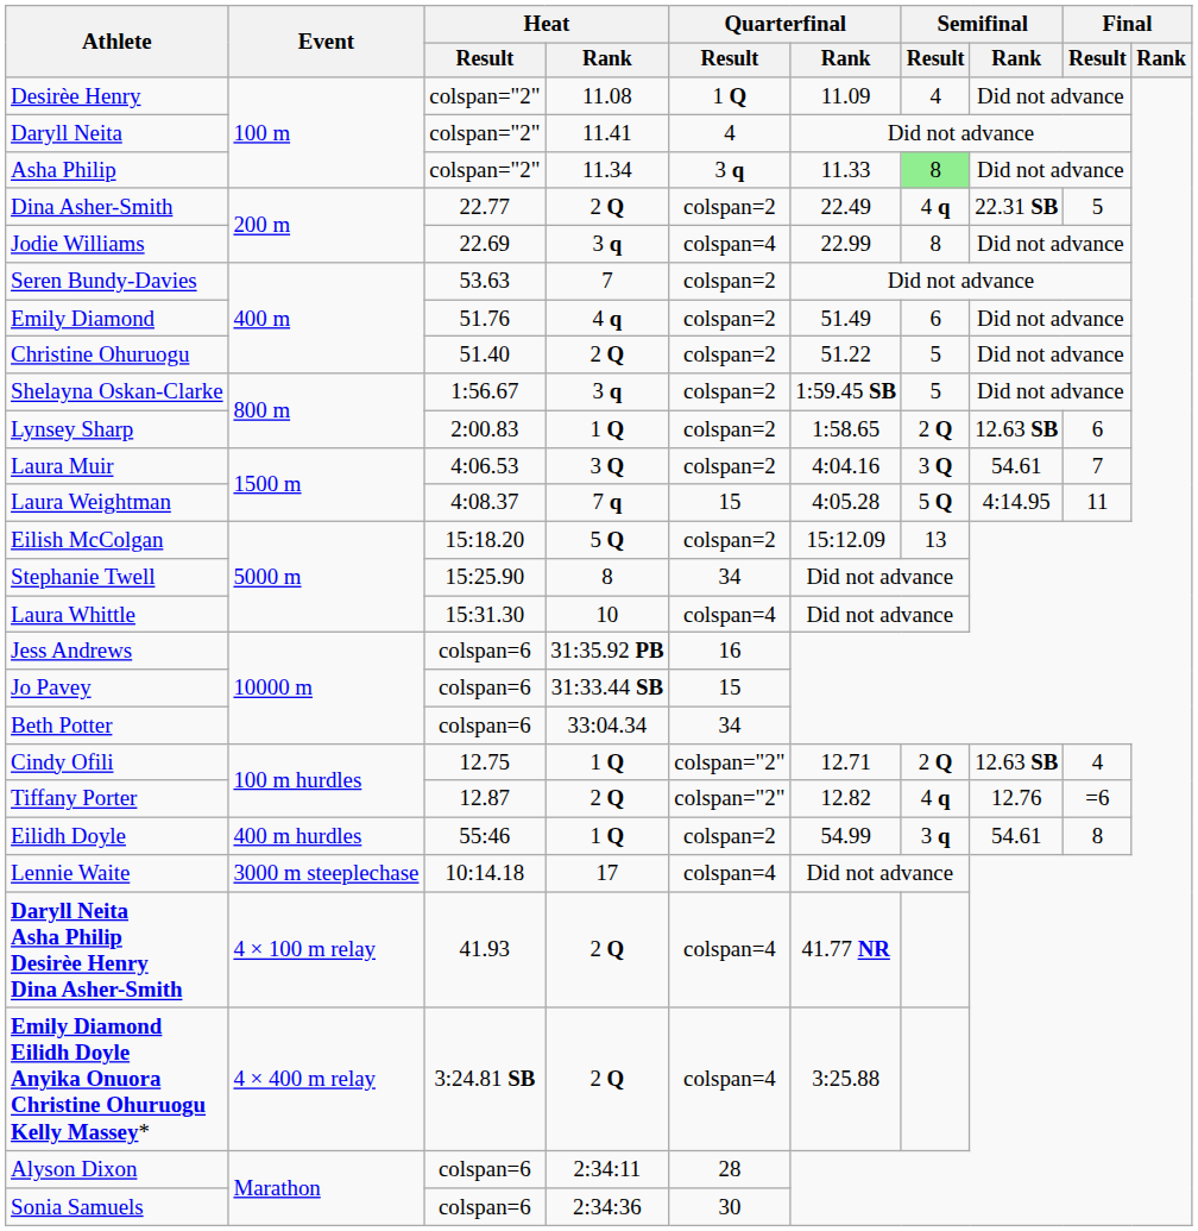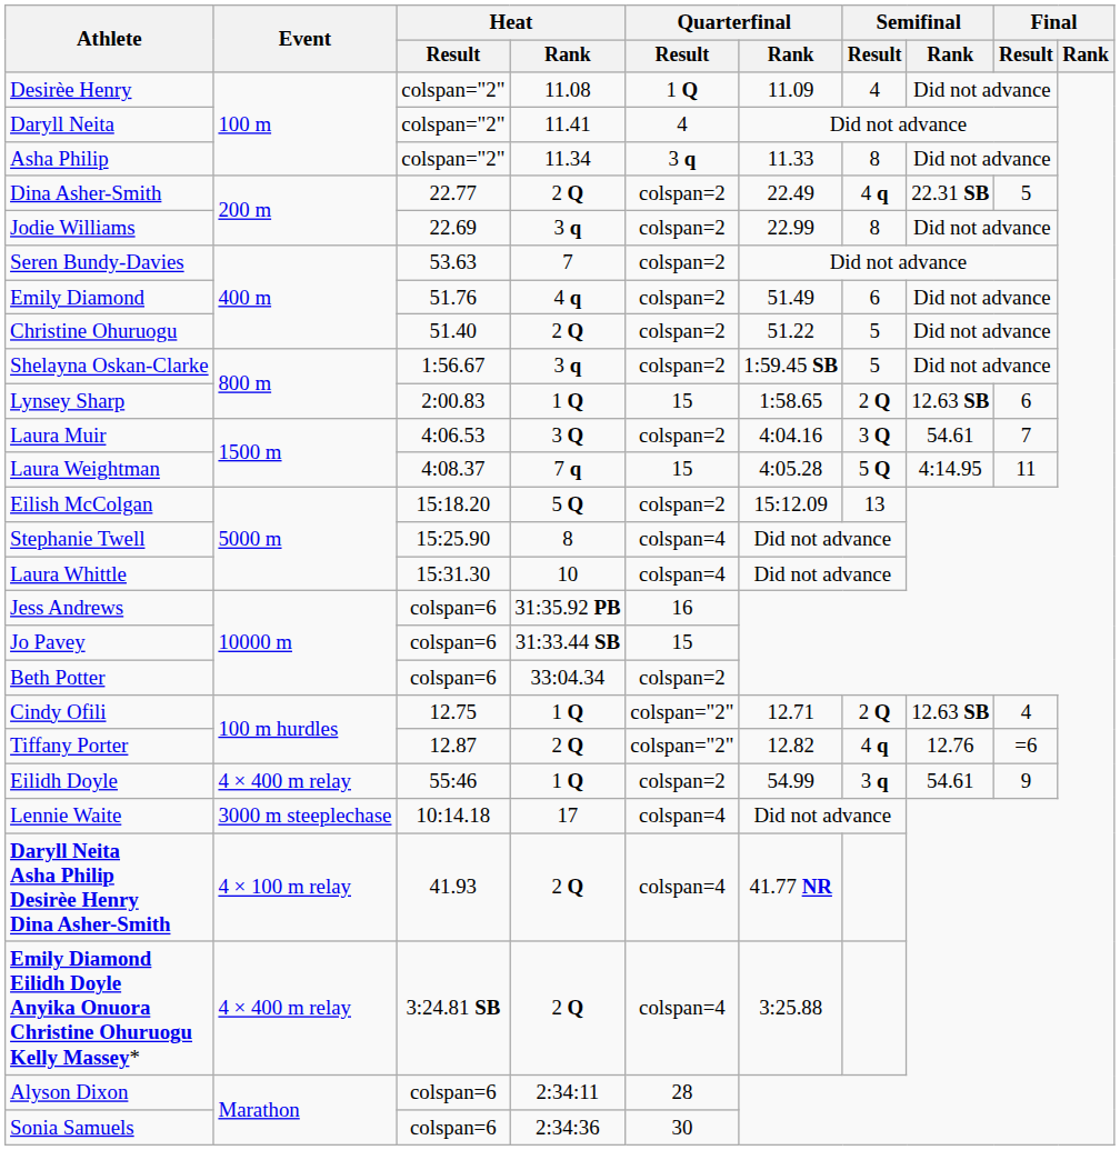 <table class="wikitable" style="font-size:90%">
 <tr>
 <th rowspan="2">Athlete</th>
 <th rowspan="2">Event</th>
 <th colspan="2">Heat</th>
 <th colspan="2">Quarterfinal</th>
 <th colspan="2">Semifinal</th>
 <th colspan="2">Final</th>
 </tr>
 <tr style="font-size:95%">
 <th>Result</th>
 <th>Rank</th>
 <th>Result</th>
 <th>Rank</th>
 <th>Result</th>
 <th>Rank</th>
 <th>Result</th>
 <th>Rank</th>
 </tr>
 <tr align=center>
 <td align=left><a href='#'>Desirèe Henry</a></td>
 <td align=left rowspan=3><a href='#'>100 m</a></td>
 <td>colspan="2" </td>
 <td>11.08</td>
 <td>1 <strong>Q</strong></td>
 <td>11.09</td>
 <td>4</td>
 <td colspan="2">Did not advance</td>
 </tr>
 <tr align=center>
 <td align=left><a href='#'>Daryll Neita</a></td>
 <td>colspan="2" </td>
 <td>11.41</td>
 <td>4</td>
 <td colspan="4">Did not advance</td>
 </tr>
 <tr align=center>
 <td align=left><a href='#'>Asha Philip</a></td>
 <td>colspan="2" </td>
 <td>11.34</td>
 <td>3 <strong>q</strong></td>
 <td>11.33</td>
-<td style="background: lightgreen;">8</td>
+<td>8</td>
 <td colspan="2">Did not advance</td>
 </tr>
 <tr align=center>
 <td align=left><a href='#'>Dina Asher-Smith</a></td>
 <td align=left rowspan=2><a href='#'>200 m</a></td>
 <td>22.77</td>
 <td>2 <strong>Q</strong></td>
 <td>colspan=2 </td>
 <td>22.49</td>
 <td>4 <strong>q</strong></td>
 <td>22.31 <strong>SB</strong></td>
 <td>5</td>
 </tr>
 <tr align=center>
 <td align=left><a href='#'>Jodie Williams</a></td>
 <td>22.69</td>
 <td>3 <strong>q</strong></td>
-<td>colspan=4 </td>
+<td>colspan=2 </td>
 <td>22.99</td>
 <td>8</td>
 <td colspan=2>Did not advance</td>
 </tr>
 <tr align=center>
 <td align=left><a href='#'>Seren Bundy-Davies</a></td>
 <td align=left rowspan=3><a href='#'>400 m</a></td>
 <td>53.63</td>
 <td>7</td>
 <td>colspan=2 </td>
 <td colspan=4>Did not advance</td>
 </tr>
 <tr align=center>
 <td align=left><a href='#'>Emily Diamond</a></td>
 <td>51.76</td>
 <td>4 <strong>q</strong></td>
 <td>colspan=2 </td>
 <td>51.49</td>
 <td>6</td>
 <td colspan=2>Did not advance</td>
 </tr>
 <tr align=center>
 <td align=left><a href='#'>Christine Ohuruogu</a></td>
 <td>51.40</td>
 <td>2 <strong>Q</strong></td>
 <td>colspan=2 </td>
 <td>51.22</td>
 <td>5</td>
 <td colspan=2>Did not advance</td>
 </tr>
 <tr align=center>
 <td align=left><a href='#'>Shelayna Oskan-Clarke</a></td>
 <td align=left rowspan=2><a href='#'>800 m</a></td>
 <td>1:56.67</td>
 <td>3 <strong>q</strong></td>
 <td>colspan=2 </td>
 <td>1:59.45 <strong>SB</strong></td>
 <td>5</td>
 <td colspan=2>Did not advance</td>
 </tr>
 <tr align=center>
 <td align=left><a href='#'>Lynsey Sharp</a></td>
 <td>2:00.83</td>
 <td>1 <strong>Q</strong></td>
-<td>colspan=2 </td>
+<td>15</td>
 <td>1:58.65</td>
 <td>2 <strong>Q</strong></td>
 <td>12.63 <strong>SB</strong></td>
 <td>6</td>
 </tr>
 <tr align=center>
 <td align=left><a href='#'>Laura Muir</a></td>
 <td align=left rowspan=2><a href='#'>1500 m</a></td>
 <td>4:06.53</td>
 <td>3 <strong>Q</strong></td>
 <td>colspan=2 </td>
 <td>4:04.16</td>
 <td>3 <strong>Q</strong></td>
 <td>54.61</td>
 <td>7</td>
 </tr>
 <tr align=center>
 <td align=left><a href='#'>Laura Weightman</a></td>
 <td>4:08.37</td>
 <td>7 <strong>q</strong></td>
 <td>15</td>
 <td>4:05.28</td>
 <td>5 <strong>Q</strong></td>
 <td>4:14.95</td>
 <td>11</td>
 </tr>
 <tr align=center>
 <td align=left><a href='#'>Eilish McColgan</a></td>
 <td align=left rowspan=3><a href='#'>5000 m</a></td>
 <td>15:18.20</td>
 <td>5 <strong>Q</strong></td>
 <td>colspan=2 </td>
 <td>15:12.09</td>
 <td>13</td>
 </tr>
 <tr align=center>
 <td align=left><a href='#'>Stephanie Twell</a></td>
 <td>15:25.90</td>
 <td>8</td>
-<td>34</td>
+<td>colspan=4 </td>
 <td colspan=2>Did not advance</td>
 </tr>
 <tr align=center>
 <td align=left><a href='#'>Laura Whittle</a></td>
 <td>15:31.30</td>
 <td>10</td>
 <td>colspan=4 </td>
 <td colspan=2>Did not advance</td>
 </tr>
 <tr align=center>
 <td align=left><a href='#'>Jess Andrews</a></td>
 <td align=left rowspan=3><a href='#'>10000 m</a></td>
 <td>colspan=6 </td>
 <td>31:35.92 <strong>PB</strong></td>
 <td>16</td>
 </tr>
 <tr align=center>
 <td align=left><a href='#'>Jo Pavey</a></td>
 <td>colspan=6 </td>
 <td>31:33.44 <strong>SB</strong></td>
 <td>15</td>
 </tr>
 <tr align=center>
 <td align=left><a href='#'>Beth Potter</a></td>
 <td>colspan=6 </td>
 <td>33:04.34</td>
-<td>34</td>
+<td>colspan=2 </td>
 </tr>
 <tr align=center>
 <td align=left><a href='#'>Cindy Ofili</a></td>
 <td align=left rowspan=2><a href='#'>100 m hurdles</a></td>
 <td>12.75</td>
 <td>1 <strong>Q</strong></td>
 <td>colspan="2" </td>
 <td>12.71</td>
 <td>2 <strong>Q</strong></td>
 <td>12.63 <strong>SB</strong></td>
 <td>4</td>
 </tr>
 <tr align=center>
 <td align=left><a href='#'>Tiffany Porter</a></td>
 <td>12.87</td>
 <td>2 <strong>Q</strong></td>
 <td>colspan="2" </td>
 <td>12.82</td>
 <td>4 <strong>q</strong></td>
 <td>12.76</td>
 <td>=6</td>
 </tr>
 <tr align=center>
 <td align=left><a href='#'>Eilidh Doyle</a></td>
-<td align=left><a href='#'>400 m hurdles</a></td>
+<td align=left><a href='#'>4 × 400 m relay</a></td>
 <td>55:46</td>
 <td>1 <strong>Q</strong></td>
 <td>colspan=2 </td>
 <td>54.99</td>
 <td>3 <strong>q</strong></td>
 <td>54.61</td>
-<td>8</td>
+<td>9</td>
 </tr>
 <tr align=center>
 <td align=left><a href='#'>Lennie Waite</a></td>
 <td align=left><a href='#'>3000 m steeplechase</a></td>
 <td>10:14.18</td>
 <td>17</td>
 <td>colspan=4 </td>
 <td colspan=2>Did not advance</td>
 </tr>
 <tr align=center>
 <td align=left><strong><a href='#'>Daryll Neita</a></strong><br><strong><a href='#'>Asha Philip</a></strong><br><strong><a href='#'>Desirèe Henry</a></strong><br><strong><a href='#'>Dina Asher-Smith</a></strong></td>
 <td align=left><a href='#'>4 × 100 m relay</a></td>
 <td>41.93</td>
 <td>2 <strong>Q</strong></td>
 <td>colspan=4 </td>
 <td>41.77 <strong><a href='#'>NR</a></strong></td>
 <td></td>
 </tr>
 <tr align=center>
 <td align=left><strong><a href='#'>Emily Diamond</a><br><a href='#'>Eilidh Doyle</a><br><a href='#'>Anyika Onuora</a><br><a href='#'>Christine Ohuruogu</a><br><a href='#'>Kelly Massey</a></strong>*</td>
 <td align=left><a href='#'>4 × 400 m relay</a></td>
 <td>3:24.81 <strong>SB</strong></td>
 <td>2 <strong>Q</strong></td>
 <td>colspan=4 </td>
 <td>3:25.88</td>
 <td></td>
 </tr>
 <tr align=center>
 <td align=left><a href='#'>Alyson Dixon</a></td>
 <td align=left rowspan=2><a href='#'>Marathon</a></td>
 <td>colspan=6 </td>
 <td>2:34:11</td>
 <td>28</td>
 </tr>
 <tr align=center>
 <td align=left><a href='#'>Sonia Samuels</a></td>
 <td>colspan=6 </td>
 <td>2:34:36</td>
 <td>30</td>
 </tr>
 </table>
